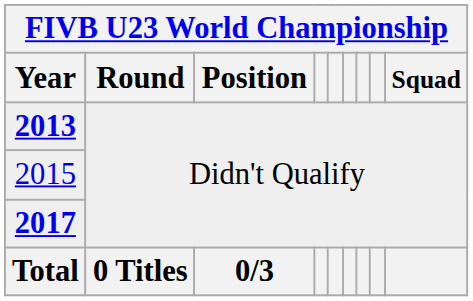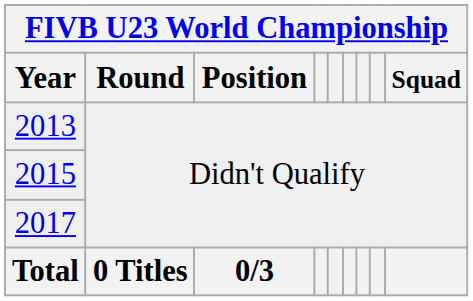 <table class="wikitable" style="text-align: center;">
 <tr>
 <th colspan=9><a href='#'>FIVB U23 World Championship</a></th>
 </tr>
 <tr>
 <th>Year</th>
 <th>Round</th>
 <th>Position</th>
 <th></th>
 <th></th>
 <th></th>
 <th></th>
 <th></th>
 <th><small>Squad</small></th>
 </tr>
 <tr bgcolor="efefef">
-<td><strong> <a href='#'>2013</a></strong></td>
+<td> <a href='#'>2013</a></td>
 <td align="center" colspan=9 rowspan=3>Didn't Qualify</td>
 </tr>
 <tr bgcolor="efefef">
 <td> <a href='#'>2015</a></td>
 </tr>
 <tr bgcolor="efefef">
-<td><strong> <a href='#'>2017</a></strong></td>
+<td> <a href='#'>2017</a></td>
 </tr>
 <tr>
 <th>Total</th>
 <th>0 Titles</th>
 <th>0/3</th>
 <th></th>
 <th></th>
 <th></th>
 <th></th>
 <th></th>
 <th></th>
 </tr>
 </table>
